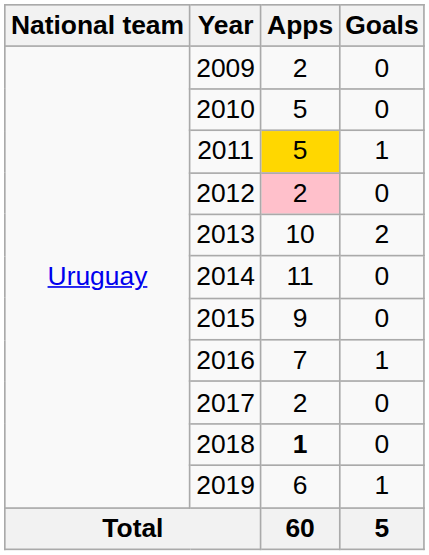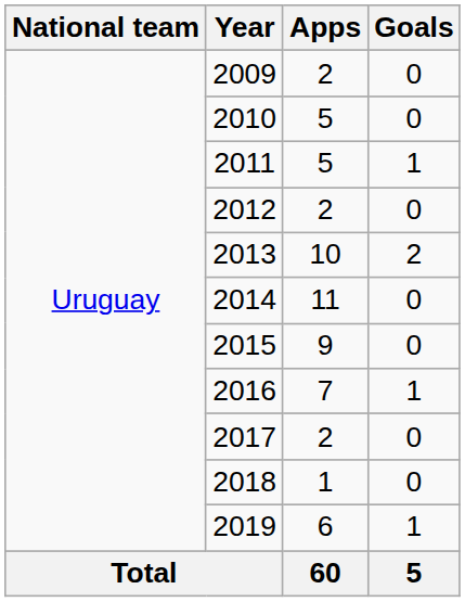 <table class="wikitable" style="text-align:center">
 <tr>
 <th>National team</th>
 <th>Year</th>
 <th>Apps</th>
 <th>Goals</th>
 </tr>
 <tr>
 <td rowspan="11"><a href='#'>Uruguay</a></td>
 <td>2009</td>
 <td>2</td>
 <td>0</td>
 </tr>
 <tr>
 <td>2010</td>
 <td>5</td>
 <td>0</td>
 </tr>
 <tr>
 <td>2011</td>
-<td style="background: gold;">5</td>
+<td>5</td>
 <td>1</td>
 </tr>
 <tr>
 <td>2012</td>
-<td style="background: pink;">2</td>
+<td>2</td>
 <td>0</td>
 </tr>
 <tr>
 <td>2013</td>
 <td>10</td>
 <td>2</td>
 </tr>
 <tr>
 <td>2014</td>
 <td>11</td>
 <td>0</td>
 </tr>
 <tr>
 <td>2015</td>
 <td>9</td>
 <td>0</td>
 </tr>
 <tr>
 <td>2016</td>
 <td>7</td>
 <td>1</td>
 </tr>
 <tr>
 <td>2017</td>
 <td>2</td>
 <td>0</td>
 </tr>
 <tr>
 <td>2018</td>
-<td><strong>1</strong></td>
+<td>1</td>
 <td>0</td>
 </tr>
 <tr>
 <td>2019</td>
 <td>6</td>
 <td>1</td>
 </tr>
 <tr>
 <th colspan="2">Total</th>
 <th>60</th>
 <th>5</th>
 </tr>
 </table>
